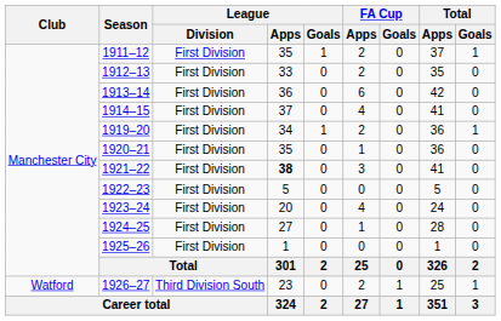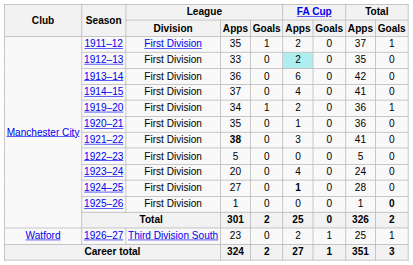 <table class="wikitable" style="text-align:center">
 <tr>
 <th rowspan="2">Club</th>
 <th rowspan="2">Season</th>
 <th colspan="3">League</th>
 <th colspan="2"><a href='#'>FA Cup</a></th>
 <th colspan="2">Total</th>
 </tr>
 <tr>
 <th>Division</th>
 <th>Apps</th>
 <th>Goals</th>
 <th>Apps</th>
 <th>Goals</th>
 <th>Apps</th>
 <th>Goals</th>
 </tr>
 <tr>
 <td rowspan="12"><a href='#'>Manchester City</a></td>
 <td><a href='#'>1911–12</a></td>
 <td><a href='#'>First Division</a></td>
 <td>35</td>
 <td>1</td>
 <td>2</td>
 <td>0</td>
 <td>37</td>
 <td>1</td>
 </tr>
 <tr>
 <td><a href='#'>1912–13</a></td>
 <td>First Division</td>
 <td>33</td>
 <td>0</td>
-<td>2</td>
+<td style="background: paleturquoise;">2</td>
 <td>0</td>
 <td>35</td>
 <td>0</td>
 </tr>
 <tr>
 <td><a href='#'>1913–14</a></td>
 <td>First Division</td>
 <td>36</td>
 <td>0</td>
 <td>6</td>
 <td>0</td>
 <td>42</td>
 <td>0</td>
 </tr>
 <tr>
 <td><a href='#'>1914–15</a></td>
 <td>First Division</td>
 <td>37</td>
 <td>0</td>
 <td>4</td>
 <td>0</td>
 <td>41</td>
 <td>0</td>
 </tr>
 <tr>
 <td><a href='#'>1919–20</a></td>
 <td>First Division</td>
 <td>34</td>
 <td>1</td>
 <td>2</td>
 <td>0</td>
 <td>36</td>
 <td>1</td>
 </tr>
 <tr>
 <td><a href='#'>1920–21</a></td>
 <td>First Division</td>
 <td>35</td>
 <td>0</td>
 <td>1</td>
 <td>0</td>
 <td>36</td>
 <td>0</td>
 </tr>
 <tr>
 <td><a href='#'>1921–22</a></td>
 <td>First Division</td>
 <td><strong>38</strong></td>
 <td>0</td>
 <td>3</td>
 <td>0</td>
 <td>41</td>
 <td>0</td>
 </tr>
 <tr>
 <td><a href='#'>1922–23</a></td>
 <td>First Division</td>
 <td>5</td>
 <td>0</td>
 <td>0</td>
 <td>0</td>
 <td>5</td>
 <td>0</td>
 </tr>
 <tr>
 <td><a href='#'>1923–24</a></td>
 <td>First Division</td>
 <td>20</td>
 <td>0</td>
 <td>4</td>
 <td>0</td>
 <td>24</td>
 <td>0</td>
 </tr>
 <tr>
 <td><a href='#'>1924–25</a></td>
 <td>First Division</td>
 <td>27</td>
 <td>0</td>
-<td>1</td>
+<td><strong>1</strong></td>
 <td>0</td>
 <td>28</td>
 <td>0</td>
 </tr>
 <tr>
 <td><a href='#'>1925–26</a></td>
 <td>First Division</td>
 <td>1</td>
 <td>0</td>
 <td>0</td>
 <td>0</td>
 <td>1</td>
-<td>0</td>
+<td><strong>0</strong></td>
 </tr>
 <tr>
 <th colspan="2">Total</th>
 <th>301</th>
 <th>2</th>
 <th>25</th>
 <th>0</th>
 <th>326</th>
 <th>2</th>
 </tr>
 <tr>
 <td><a href='#'>Watford</a></td>
 <td><a href='#'>1926–27</a></td>
 <td><a href='#'>Third Division South</a></td>
 <td>23</td>
 <td>0</td>
 <td>2</td>
 <td>1</td>
 <td>25</td>
 <td>1</td>
 </tr>
 <tr>
 <th colspan="3">Career total</th>
 <th>324</th>
 <th>2</th>
 <th>27</th>
 <th>1</th>
 <th>351</th>
 <th>3</th>
 </tr>
 </table>
